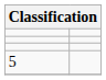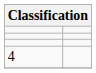 <table class="wikitable" font-size: 90%;>
 <tr>
 <th colspan=2>Classification</th>
 </tr>
 <tr valign="top">
 <td></td>
 <td></td>
 </tr>
 <tr>
 <td></td>
 <td></td>
 </tr>
 <tr>
 <td></td>
 <td></td>
 </tr>
 <tr>
-<td>5</td>
+<td>4</td>
 <td></td>
 </tr>
 <tr>
 </tr>
 </table>
